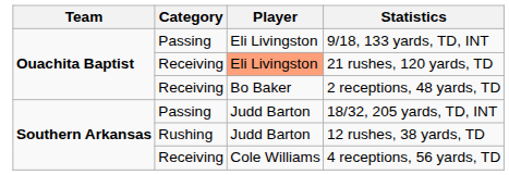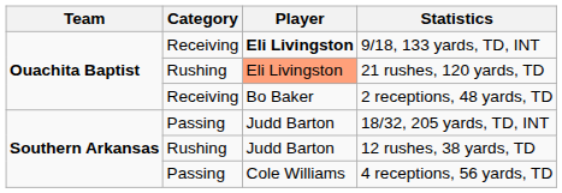 <table class="wikitable" style="float: right;">
 <tr>
 <th>Team</th>
 <th>Category</th>
 <th>Player</th>
 <th>Statistics</th>
 </tr>
 <tr>
 <td rowspan=3><strong>Ouachita Baptist</strong></td>
-<td>Passing</td>
-<td>Eli Livingston</td>
+<td>Receiving</td>
+<td><strong>Eli Livingston</strong></td>
 <td>9/18, 133 yards, TD, INT</td>
 </tr>
 <tr>
-<td>Receiving</td>
+<td>Rushing</td>
 <td style="background: lightsalmon;">Eli Livingston</td>
 <td>21 rushes, 120 yards, TD</td>
 </tr>
 <tr>
 <td>Receiving</td>
 <td>Bo Baker</td>
 <td>2 receptions, 48 yards, TD</td>
 </tr>
 <tr>
 <td rowspan=3><strong>Southern Arkansas</strong></td>
 <td>Passing</td>
 <td>Judd Barton</td>
 <td>18/32, 205 yards, TD, INT</td>
 </tr>
 <tr>
 <td>Rushing</td>
 <td>Judd Barton</td>
 <td>12 rushes, 38 yards, TD</td>
 </tr>
 <tr>
-<td>Receiving</td>
+<td>Passing</td>
 <td>Cole Williams</td>
 <td>4 receptions, 56 yards, TD</td>
 </tr>
 </table>
